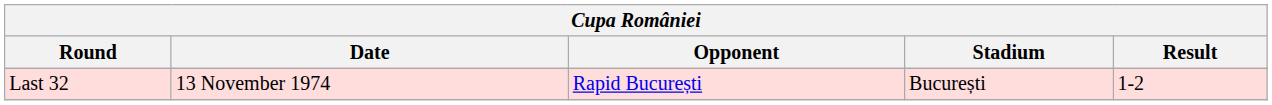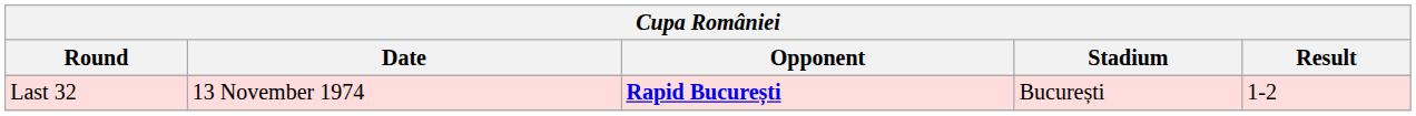 <table class="wikitable" style="width:80%;">
 <tr>
 <th colspan="5" style="text-align:center;"><em>Cupa României</em></th>
 </tr>
 <tr>
 <th>Round</th>
 <th>Date</th>
 <th>Opponent</th>
 <th>Stadium</th>
 <th>Result</th>
 </tr>
 <tr>
 </tr>
 <tr bgcolor="#ffdddd">
 <td>Last 32</td>
 <td>13 November 1974</td>
-<td><a href='#'>Rapid București</a></td>
+<td><strong><a href='#'>Rapid București</a></strong></td>
 <td>București</td>
 <td>1-2</td>
 </tr>
 <tr>
 </tr>
 </table>
